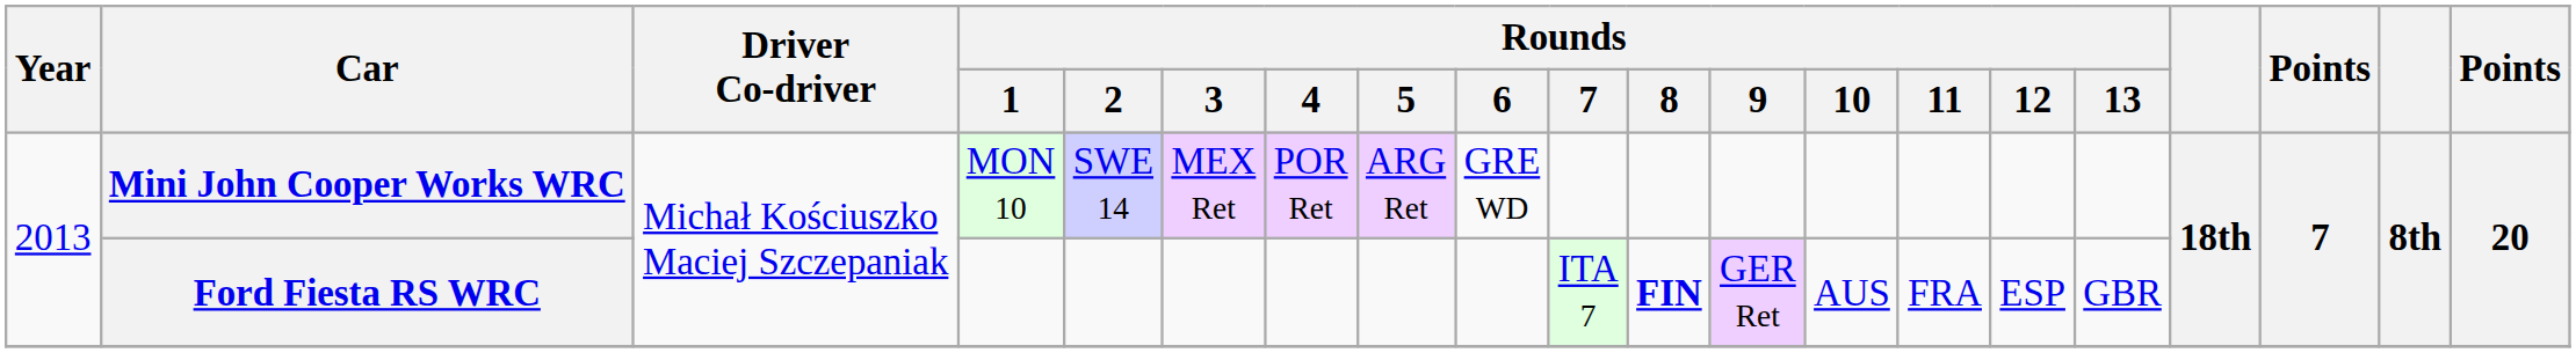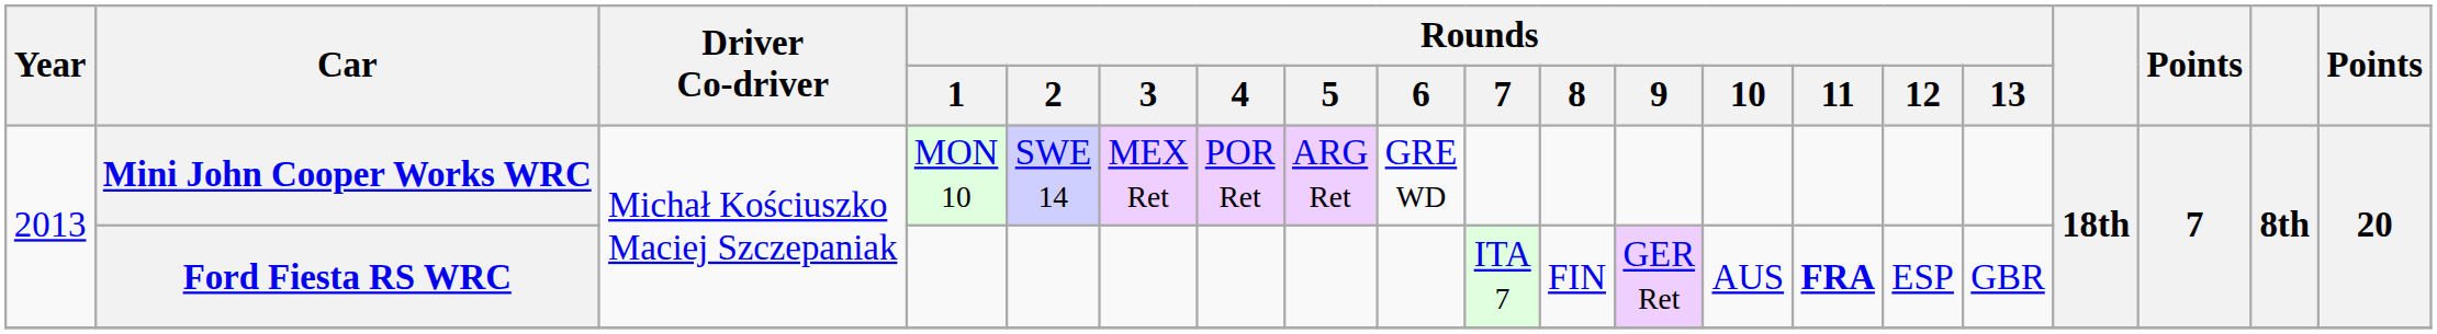 <table class="wikitable" style="text-align:center; font-size:90%">
 <tr>
 <th rowspan=2>Year</th>
 <th rowspan=2>Car</th>
 <th rowspan=2>Driver<br>Co-driver</th>
 <th colspan=13>Rounds</th>
 <th rowspan=2></th>
 <th rowspan=2>Points</th>
 <th rowspan=2></th>
 <th rowspan=2>Points</th>
 </tr>
 <tr>
 <th>1</th>
 <th>2</th>
 <th>3</th>
 <th>4</th>
 <th>5</th>
 <th>6</th>
 <th>7</th>
 <th>8</th>
 <th>9</th>
 <th>10</th>
 <th>11</th>
 <th>12</th>
 <th>13</th>
 </tr>
 <tr>
 <td rowspan="2"><a href='#'>2013</a></td>
 <th><a href='#'>Mini John Cooper Works WRC</a></th>
 <td rowspan="2" align="left"> <a href='#'>Michał Kościuszko</a><br> <a href='#'>Maciej Szczepaniak</a></td>
 <td style="background:#DFFFDF;"><a href='#'>MON</a><br><small>10</small></td>
 <td style="background:#CFCFFF;"><a href='#'>SWE</a><br><small>14</small></td>
 <td style="background:#EFCFFF;"><a href='#'>MEX</a><br><small>Ret</small></td>
 <td style="background:#EFCFFF;"><a href='#'>POR</a><br><small>Ret</small></td>
 <td style="background:#EFCFFF;"><a href='#'>ARG</a><br><small>Ret</small></td>
 <td><a href='#'>GRE</a><br><small>WD</small></td>
 <td></td>
 <td></td>
 <td></td>
 <td></td>
 <td></td>
 <td></td>
 <td></td>
 <th rowspan="2">18th</th>
 <th rowspan="2">7</th>
 <th rowspan="2">8th</th>
 <th rowspan="2">20</th>
 </tr>
 <tr>
 <th><a href='#'>Ford Fiesta RS WRC</a></th>
 <td></td>
 <td></td>
 <td></td>
 <td></td>
 <td></td>
 <td></td>
 <td style="background:#DFFFDF;"><a href='#'>ITA</a><br><small>7</small></td>
-<td><strong><a href='#'>FIN</a></strong></td>
+<td><a href='#'>FIN</a></td>
 <td style="background:#EFCFFF;"><a href='#'>GER</a><br><small>Ret</small></td>
 <td><a href='#'>AUS</a></td>
-<td><a href='#'>FRA</a></td>
+<td><strong><a href='#'>FRA</a></strong></td>
 <td><a href='#'>ESP</a></td>
 <td><a href='#'>GBR</a></td>
 </tr>
 <tr>
 </tr>
 </table>
